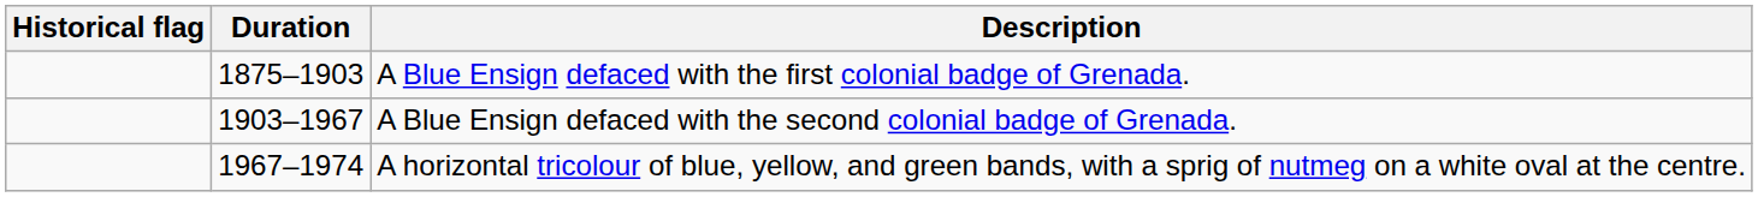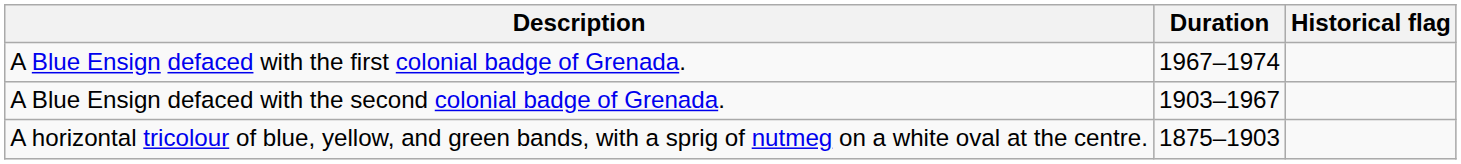 <table class="wikitable sortable plainrowheaders">
 <tr>
+<th scope="col" class="unsortable">Description</th>
+<th scope="col">Duration</th>
 <th scope="col" class="unsortable">Historical flag</th>
-<th scope="col">Duration</th>
-<th scope="col" class="unsortable">Description</th>
 </tr>
 <tr>
+<td>A <a href='#'>Blue Ensign</a> <a href='#'>defaced</a> with the first <a href='#'>colonial badge of Grenada</a>.</td>
+<td>1967–1974</td>
 <td></td>
-<td>1875–1903</td>
-<td>A <a href='#'>Blue Ensign</a> <a href='#'>defaced</a> with the first <a href='#'>colonial badge of Grenada</a>.</td>
 </tr>
 <tr>
+<td>A Blue Ensign defaced with the second <a href='#'>colonial badge of Grenada</a>.</td>
+<td>1903–1967</td>
 <td></td>
-<td>1903–1967</td>
-<td>A Blue Ensign defaced with the second <a href='#'>colonial badge of Grenada</a>.</td>
 </tr>
 <tr>
+<td>A horizontal <a href='#'>tricolour</a> of blue, yellow, and green bands, with a sprig of <a href='#'>nutmeg</a> on a white oval at the centre.</td>
+<td>1875–1903</td>
 <td></td>
-<td>1967–1974</td>
-<td>A horizontal <a href='#'>tricolour</a> of blue, yellow, and green bands, with a sprig of <a href='#'>nutmeg</a> on a white oval at the centre.</td>
 </tr>
 </table>
